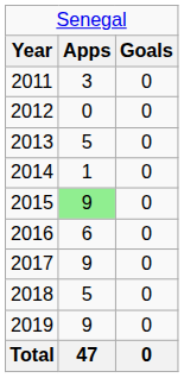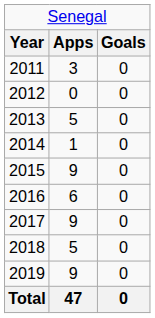 <table class="wikitable" style="text-align:center">
 <tr>
 <td colspan="3"><a href='#'>Senegal</a></td>
 </tr>
 <tr>
 <th>Year</th>
 <th>Apps</th>
 <th>Goals</th>
 </tr>
 <tr>
 <td>2011</td>
 <td>3</td>
 <td>0</td>
 </tr>
 <tr>
 <td>2012</td>
 <td>0</td>
 <td>0</td>
 </tr>
 <tr>
 <td>2013</td>
 <td>5</td>
 <td>0</td>
 </tr>
 <tr>
 <td>2014</td>
 <td>1</td>
 <td>0</td>
 </tr>
 <tr>
 <td>2015</td>
-<td style="background: lightgreen;">9</td>
+<td>9</td>
 <td>0</td>
 </tr>
 <tr>
 <td>2016</td>
 <td>6</td>
 <td>0</td>
 </tr>
 <tr>
 <td>2017</td>
 <td>9</td>
 <td>0</td>
 </tr>
 <tr>
 <td>2018</td>
 <td>5</td>
 <td>0</td>
 </tr>
 <tr>
 <td>2019</td>
 <td>9</td>
 <td>0</td>
 </tr>
 <tr>
 <th>Total</th>
 <th>47</th>
 <th>0</th>
 </tr>
 </table>
